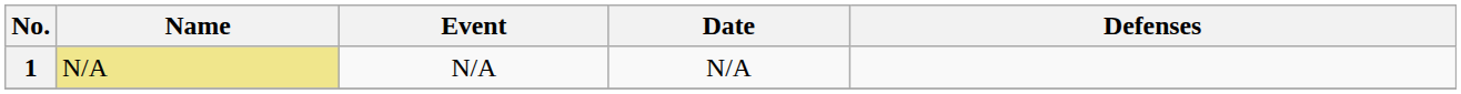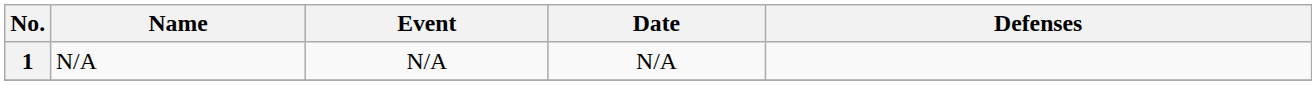 <table class="wikitable" width=100%>
 <tr>
 <th width=1%>No.</th>
 <th width=20%>Name</th>
 <th width=19%>Event</th>
 <th width=17%>Date</th>
 <th width=44%>Defenses</th>
 </tr>
 <tr>
 <th>1</th>
-<td align=left style="background: khaki;">N/A</td>
+<td align=left>N/A</td>
 <td align=center>N/A</td>
 <td align=center>N/A</td>
 <td></td>
 </tr>
 <tr>
 </tr>
 </table>
